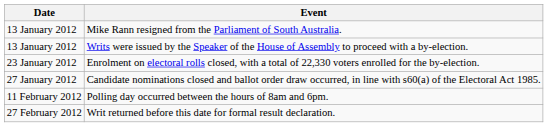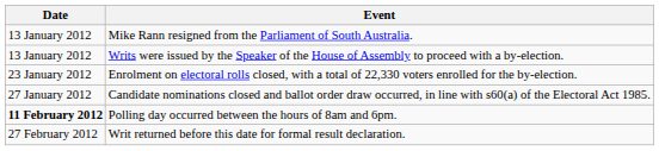 <table class="wikitable">
 <tr>
 <th>Date</th>
 <th>Event</th>
 </tr>
 <tr>
 <td>13 January 2012</td>
 <td>Mike Rann resigned from the <a href='#'>Parliament of South Australia</a>.</td>
 </tr>
 <tr>
 <td>13 January 2012</td>
 <td><a href='#'>Writs</a> were issued by the <a href='#'>Speaker</a> of the <a href='#'>House of Assembly</a> to proceed with a by-election.</td>
 </tr>
 <tr>
 <td>23 January 2012</td>
 <td>Enrolment on <a href='#'>electoral rolls</a> closed, with a total of 22,330 voters enrolled for the by-election.</td>
 </tr>
 <tr>
 <td>27 January 2012</td>
 <td>Candidate nominations closed and ballot order draw occurred, in line with s60(a) of the Electoral Act 1985.</td>
 </tr>
 <tr>
-<td>11 February 2012</td>
+<td><strong>11 February 2012</strong></td>
 <td>Polling day occurred between the hours of 8am and 6pm.</td>
 </tr>
 <tr>
 <td>27 February 2012</td>
 <td>Writ returned before this date for formal result declaration.</td>
 </tr>
 </table>
